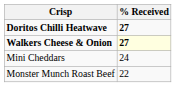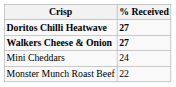 <table class="wikitable">
 <tr>
 <th>Crisp</th>
 <th>% Received</th>
 </tr>
 <tr>
 <td><strong>Doritos Chilli Heatwave</strong></td>
 <td><strong>27</strong></td>
 </tr>
 <tr>
 <td><strong>Walkers Cheese & Onion</strong></td>
-<td style="background: lightyellow;"><strong>27</strong></td>
+<td><strong>27</strong></td>
 </tr>
 <tr>
 <td>Mini Cheddars</td>
 <td>24</td>
 </tr>
 <tr>
 <td>Monster Munch Roast Beef</td>
 <td>22</td>
 </tr>
 </table>
